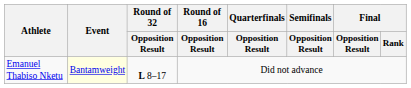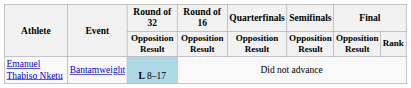 <table class="wikitable" style="font-size:90%">
 <tr>
 <th rowspan="2">Athlete</th>
 <th rowspan="2">Event</th>
 <th>Round of 32</th>
 <th>Round of 16</th>
 <th>Quarterfinals</th>
 <th>Semifinals</th>
 <th colspan=2>Final</th>
 </tr>
 <tr style="font-size:95%">
 <th>Opposition<br>Result</th>
 <th>Opposition<br>Result</th>
 <th>Opposition<br>Result</th>
 <th>Opposition<br>Result</th>
 <th>Opposition<br>Result</th>
 <th>Rank</th>
 </tr>
 <tr align=center>
 <td align=left><a href='#'>Emanuel Thabiso Nketu</a></td>
-<td align=left style="background: lightyellow;"><a href='#'>Bantamweight</a></td>
-<td><br><strong>L</strong> 8–17</td>
+<td align=left><a href='#'>Bantamweight</a></td>
+<td style="background: lightblue;"><br><strong>L</strong> 8–17</td>
 <td colspan=5>Did not advance</td>
 </tr>
 </table>
